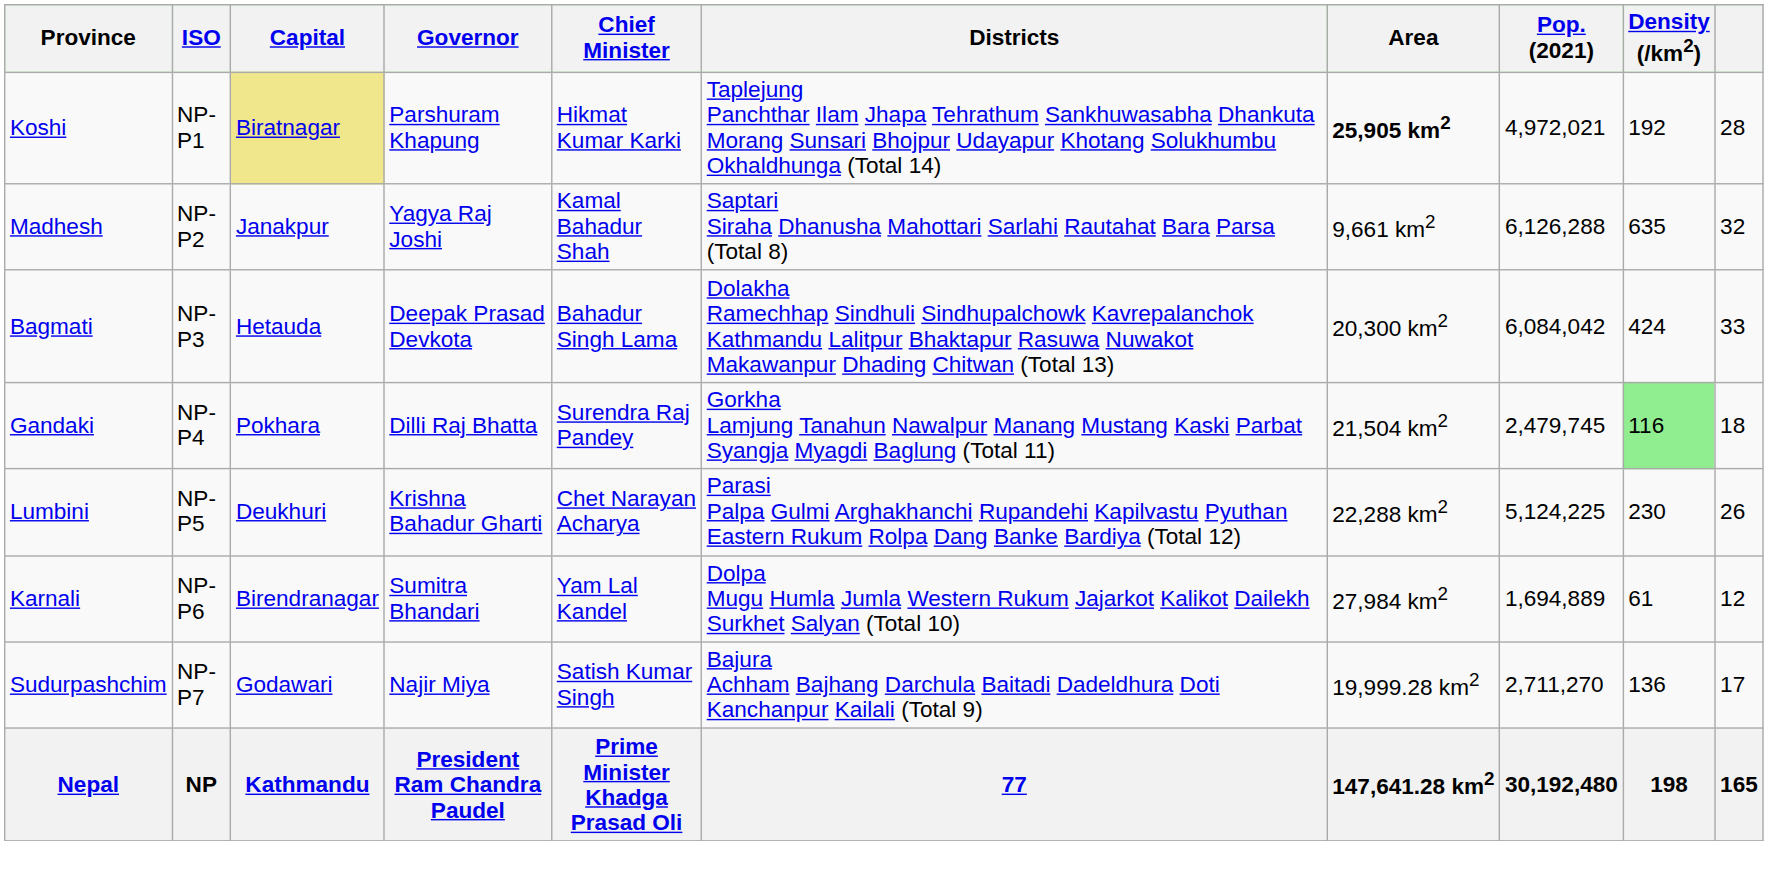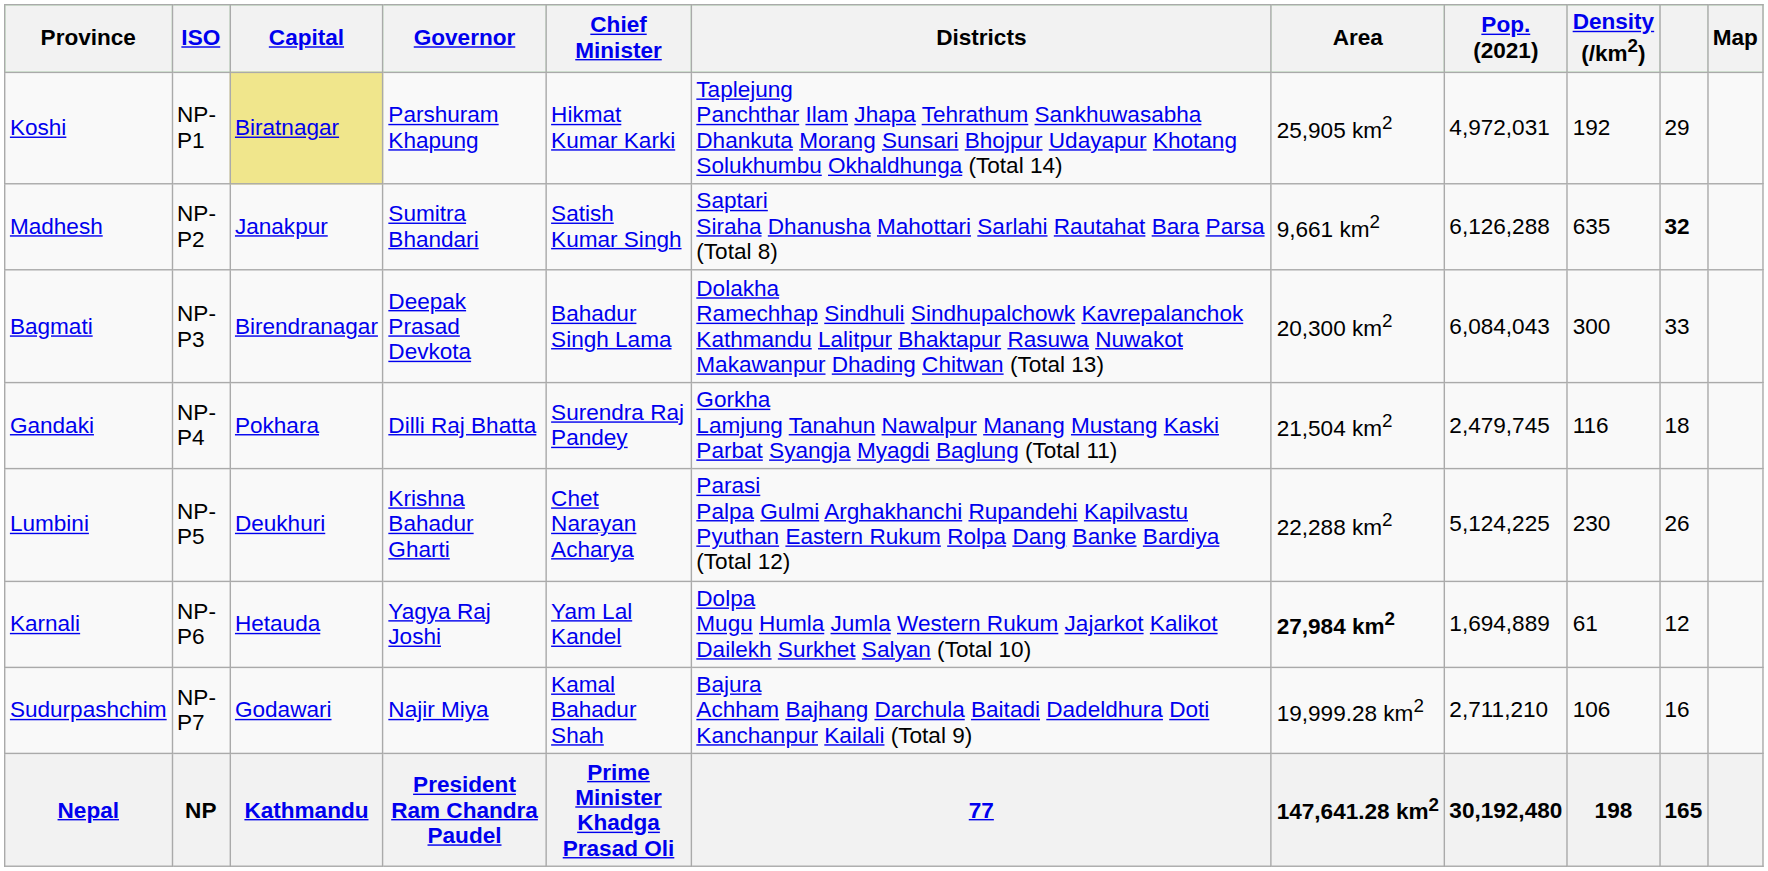 <table class="wikitable sortable static-row-numbers static-row-header-text">
 <tr style="background:#98fb98;">
 <th>Province</th>
 <th scope="col"><a href='#'>ISO</a></th>
 <th><a href='#'>Capital</a></th>
 <th><a href='#'>Governor</a></th>
 <th><a href='#'>Chief Minister</a></th>
 <th>Districts</th>
 <th>Area</th>
 <th><a href='#'>Pop.</a><br>(2021)</th>
 <th><a href='#'>Density</a><br>(/km<sup>2</sup>)</th>
 <th></th>
+<th>Map</th>
 </tr>
 <tr>
 <td><a href='#'>Koshi</a></td>
 <td>NP-P1</td>
 <td style="background: khaki;"><a href='#'>Biratnagar</a></td>
 <td><a href='#'>Parshuram Khapung</a></td>
 <td><a href='#'>Hikmat Kumar Karki</a></td>
 <td><a href='#'>Taplejung</a><br><a href='#'>Panchthar</a> <a href='#'>Ilam</a> <a href='#'>Jhapa</a> <a href='#'>Tehrathum</a> <a href='#'>Sankhuwasabha</a> <a href='#'>Dhankuta</a> <a href='#'>Morang</a> <a href='#'>Sunsari</a> <a href='#'>Bhojpur</a> <a href='#'>Udayapur</a> <a href='#'>Khotang</a> <a href='#'>Solukhumbu</a> <a href='#'>Okhaldhunga</a> (Total 14)</td>
-<td><strong>25,905 km<sup>2</sup></strong></td>
-<td>4,972,021</td>
+<td>25,905 km<sup>2</sup></td>
+<td>4,972,031</td>
 <td>192</td>
-<td>28</td>
+<td>29</td>
+<td></td>
 </tr>
 <tr>
 <td><a href='#'>Madhesh</a></td>
 <td>NP-P2</td>
 <td><a href='#'>Janakpur</a></td>
-<td><a href='#'>Yagya Raj Joshi</a></td>
-<td><a href='#'>Kamal Bahadur Shah</a></td>
+<td><a href='#'>Sumitra Bhandari</a></td>
+<td><a href='#'>Satish Kumar Singh</a></td>
 <td><a href='#'>Saptari</a><br><a href='#'>Siraha</a> <a href='#'>Dhanusha</a> <a href='#'>Mahottari</a> <a href='#'>Sarlahi</a> <a href='#'>Rautahat</a> <a href='#'>Bara</a> <a href='#'>Parsa</a> (Total 8)</td>
 <td>9,661 km<sup>2</sup></td>
 <td>6,126,288</td>
 <td>635</td>
-<td>32</td>
+<td><strong>32</strong></td>
+<td></td>
 </tr>
 <tr>
 <td><a href='#'>Bagmati</a></td>
 <td>NP-P3</td>
-<td><a href='#'>Hetauda</a></td>
+<td><a href='#'>Birendranagar</a></td>
 <td><a href='#'>Deepak Prasad Devkota</a></td>
 <td><a href='#'>Bahadur Singh Lama</a></td>
 <td><a href='#'>Dolakha</a><br><a href='#'>Ramechhap</a> <a href='#'>Sindhuli</a> <a href='#'>Sindhupalchowk</a> <a href='#'>Kavrepalanchok</a> <a href='#'>Kathmandu</a> <a href='#'>Lalitpur</a> <a href='#'>Bhaktapur</a> <a href='#'>Rasuwa</a> <a href='#'>Nuwakot</a> <a href='#'>Makawanpur</a> <a href='#'>Dhading</a> <a href='#'>Chitwan</a> (Total 13)</td>
 <td>20,300 km<sup>2</sup></td>
-<td>6,084,042</td>
-<td>424</td>
+<td>6,084,043</td>
+<td>300</td>
 <td>33</td>
+<td></td>
 </tr>
 <tr>
 <td><a href='#'>Gandaki</a></td>
 <td>NP-P4</td>
 <td><a href='#'>Pokhara</a></td>
 <td><a href='#'>Dilli Raj Bhatta</a></td>
 <td><a href='#'>Surendra Raj Pandey</a></td>
 <td><a href='#'>Gorkha</a><br><a href='#'>Lamjung</a> <a href='#'>Tanahun</a> <a href='#'>Nawalpur</a> <a href='#'>Manang</a> <a href='#'>Mustang</a> <a href='#'>Kaski</a> <a href='#'>Parbat</a> <a href='#'>Syangja</a> <a href='#'>Myagdi</a> <a href='#'>Baglung</a> (Total 11)</td>
 <td>21,504 km<sup>2</sup></td>
 <td>2,479,745</td>
-<td style="background: lightgreen;">116</td>
+<td>116</td>
 <td>18</td>
+<td></td>
 </tr>
 <tr>
 <td><a href='#'>Lumbini</a></td>
 <td>NP-P5</td>
 <td><a href='#'>Deukhuri</a></td>
 <td><a href='#'>Krishna Bahadur Gharti</a></td>
 <td><a href='#'>Chet Narayan Acharya</a></td>
 <td><a href='#'>Parasi</a><br><a href='#'>Palpa</a> <a href='#'>Gulmi</a> <a href='#'>Arghakhanchi</a> <a href='#'>Rupandehi</a> <a href='#'>Kapilvastu</a> <a href='#'>Pyuthan</a> <a href='#'>Eastern Rukum</a> <a href='#'>Rolpa</a> <a href='#'>Dang</a> <a href='#'>Banke</a> <a href='#'>Bardiya</a> (Total 12)</td>
 <td>22,288 km<sup>2</sup></td>
 <td>5,124,225</td>
 <td>230</td>
 <td>26</td>
+<td></td>
 </tr>
 <tr>
 <td><a href='#'>Karnali</a></td>
 <td>NP-P6</td>
-<td><a href='#'>Birendranagar</a></td>
-<td><a href='#'>Sumitra Bhandari</a></td>
+<td><a href='#'>Hetauda</a></td>
+<td><a href='#'>Yagya Raj Joshi</a></td>
 <td><a href='#'>Yam Lal Kandel</a></td>
 <td><a href='#'>Dolpa</a><br><a href='#'>Mugu</a> <a href='#'>Humla</a> <a href='#'>Jumla</a> <a href='#'>Western Rukum</a> <a href='#'>Jajarkot</a> <a href='#'>Kalikot</a> <a href='#'>Dailekh</a> <a href='#'>Surkhet</a> <a href='#'>Salyan</a> (Total 10)</td>
-<td>27,984 km<sup>2</sup></td>
+<td><strong>27,984 km<sup>2</sup></strong></td>
 <td>1,694,889</td>
 <td>61</td>
 <td>12</td>
+<td></td>
 </tr>
 <tr>
 <td><a href='#'>Sudurpashchim</a></td>
 <td>NP-P7</td>
 <td><a href='#'>Godawari</a></td>
 <td><a href='#'>Najir Miya</a></td>
-<td><a href='#'>Satish Kumar Singh</a></td>
+<td><a href='#'>Kamal Bahadur Shah</a></td>
 <td><a href='#'>Bajura</a><br><a href='#'>Achham</a> <a href='#'>Bajhang</a> <a href='#'>Darchula</a> <a href='#'>Baitadi</a> <a href='#'>Dadeldhura</a> <a href='#'>Doti</a> <a href='#'>Kanchanpur</a> <a href='#'>Kailali</a> (Total 9)</td>
 <td>19,999.28 km<sup>2</sup></td>
-<td>2,711,270</td>
-<td>136</td>
-<td>17</td>
+<td>2,711,210</td>
+<td>106</td>
+<td>16</td>
+<td></td>
 </tr>
 <tr>
 <th><a href='#'>Nepal</a></th>
 <th>NP</th>
 <th><a href='#'>Kathmandu</a></th>
 <th><a href='#'>President</a><br><a href='#'>Ram Chandra Paudel</a></th>
 <th><a href='#'>Prime Minister</a><br><a href='#'>Khadga Prasad Oli</a></th>
 <th><a href='#'>77</a></th>
 <th>147,641.28 km<sup>2</sup></th>
 <th>30,192,480</th>
 <th>198</th>
 <th>165</th>
+<th></th>
 </tr>
 </table>
